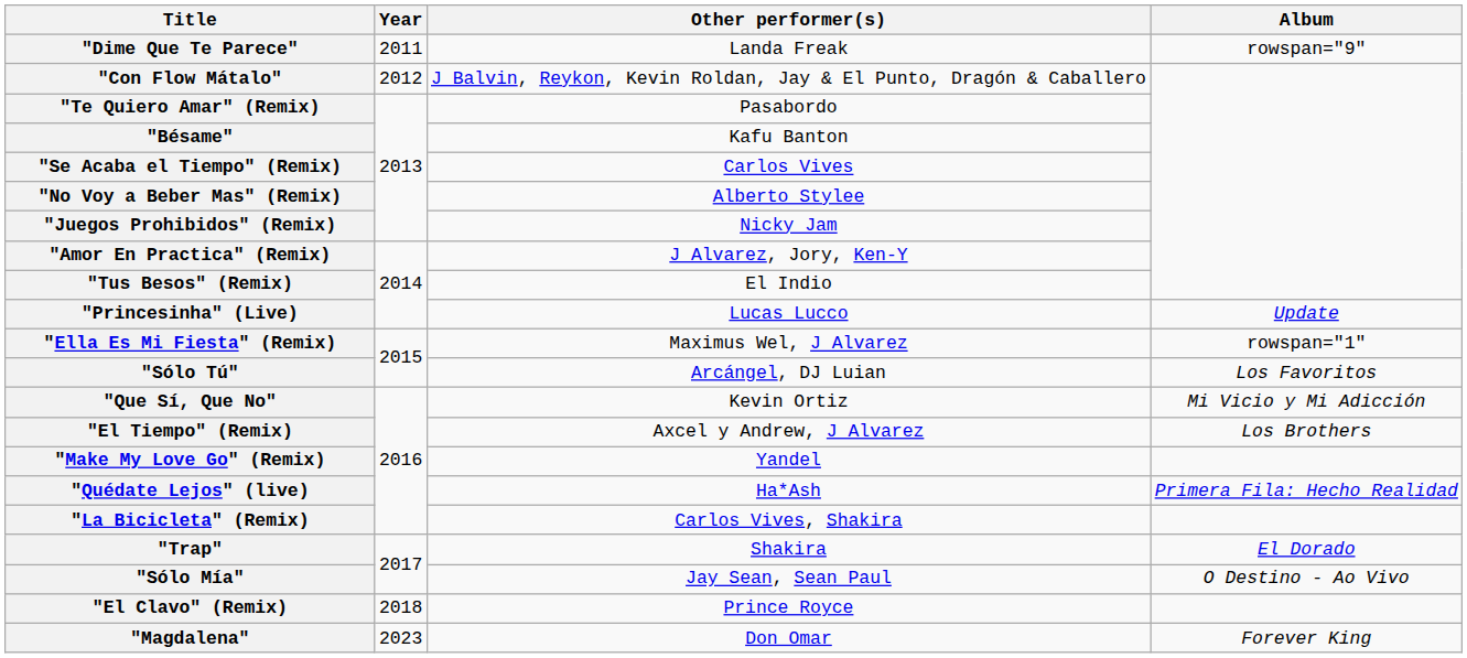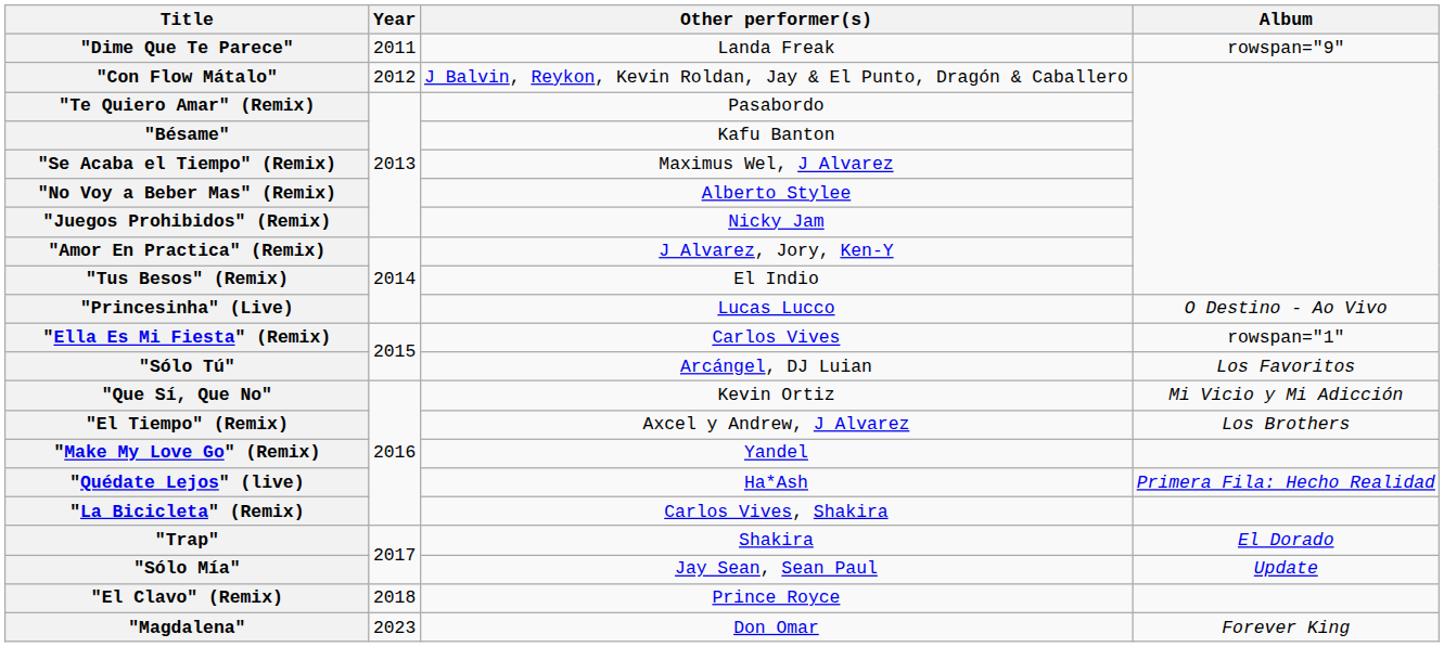 <table class="wikitable plainrowheaders" style="text-align:center;">
 <tr>
 <th scope="col" style="width:20em;">Title</th>
 <th scope="col">Year</th>
 <th scope="col">Other performer(s)</th>
 <th scope="col">Album</th>
 </tr>
 <tr>
 <th scope="row">"Dime Que Te Parece"</th>
 <td rowspan="1">2011</td>
 <td>Landa Freak</td>
 <td>rowspan="9" </td>
 </tr>
 <tr>
 <th scope="row">"Con Flow Mátalo"</th>
 <td rowspan="1">2012</td>
 <td><a href='#'>J Balvin</a>, <a href='#'>Reykon</a>, Kevin Roldan, Jay & El Punto, Dragón & Caballero</td>
 </tr>
 <tr>
 <th scope="row">"Te Quiero Amar" <span>(Remix)</span></th>
 <td rowspan="5">2013</td>
 <td>Pasabordo</td>
 </tr>
 <tr>
 <th scope="row">"Bésame"</th>
 <td>Kafu Banton</td>
 </tr>
 <tr>
 <th scope="row">"Se Acaba el Tiempo" <span>(Remix)</span></th>
-<td><a href='#'>Carlos Vives</a></td>
+<td>Maximus Wel, <a href='#'>J Alvarez</a></td>
 </tr>
 <tr>
 <th scope="row">"No Voy a Beber Mas" <span>(Remix)</span></th>
 <td><a href='#'>Alberto Stylee</a></td>
 </tr>
 <tr>
 <th scope="row">"Juegos Prohibidos" <span>(Remix)</span></th>
 <td><a href='#'>Nicky Jam</a></td>
 </tr>
 <tr>
 <th scope="row">"Amor En Practica" <span>(Remix)</span></th>
 <td rowspan="3">2014</td>
 <td><a href='#'>J Alvarez</a>, Jory, <a href='#'>Ken-Y</a></td>
 </tr>
 <tr>
 <th scope="row">"Tus Besos" <span>(Remix)</span></th>
 <td>El Indio</td>
 </tr>
 <tr>
 <th scope="row">"Princesinha" <span>(Live)</span></th>
 <td><a href='#'>Lucas Lucco</a></td>
-<td><em><a href='#'>Update</a></em></td>
+<td><em>O Destino - Ao Vivo</em></td>
 </tr>
 <tr>
 <th scope="row">"<a href='#'>Ella Es Mi Fiesta</a>" <span>(Remix)</span></th>
 <td rowspan="2">2015</td>
-<td>Maximus Wel, <a href='#'>J Alvarez</a></td>
+<td><a href='#'>Carlos Vives</a></td>
 <td>rowspan="1" </td>
 </tr>
 <tr>
 <th scope="row">"Sólo Tú"</th>
 <td><a href='#'>Arcángel</a>, DJ Luian</td>
 <td><em>Los Favoritos</em></td>
 </tr>
 <tr>
 <th scope="row">"Que Sí, Que No"</th>
 <td rowspan="5">2016</td>
 <td>Kevin Ortiz</td>
 <td><em>Mi Vicio y Mi Adicción</em></td>
 </tr>
 <tr>
 <th scope="row">"El Tiempo" <span>(Remix)</span></th>
 <td>Axcel y Andrew, <a href='#'>J Alvarez</a></td>
 <td><em>Los Brothers</em></td>
 </tr>
 <tr>
 <th scope="row">"<a href='#'>Make My Love Go</a>" <span>(Remix)</span></th>
 <td><a href='#'>Yandel</a></td>
 <td></td>
 </tr>
 <tr>
 <th scope="row">"<a href='#'>Quédate Lejos</a>" <span>(live)</span></th>
 <td><a href='#'>Ha*Ash</a></td>
 <td><em><a href='#'>Primera Fila: Hecho Realidad</a></em></td>
 </tr>
 <tr>
 <th scope="row">"<a href='#'>La Bicicleta</a>" <span>(Remix)</span></th>
 <td><a href='#'>Carlos Vives</a>, <a href='#'>Shakira</a></td>
 <td></td>
 </tr>
 <tr>
 <th scope="row">"Trap"</th>
 <td rowspan="2">2017</td>
 <td><a href='#'>Shakira</a></td>
 <td><em><a href='#'>El Dorado</a></em></td>
 </tr>
 <tr>
 <th scope="row">"Sólo Mía"</th>
 <td><a href='#'>Jay Sean</a>, <a href='#'>Sean Paul</a></td>
-<td><em>O Destino - Ao Vivo</em></td>
+<td><em><a href='#'>Update</a></em></td>
 </tr>
 <tr>
 <th scope="row">"El Clavo" <span>(Remix)</span></th>
 <td>2018</td>
 <td><a href='#'>Prince Royce</a></td>
 <td></td>
 </tr>
 <tr>
 <th scope="row">"Magdalena"</th>
 <td>2023</td>
 <td><a href='#'>Don Omar</a></td>
 <td><em>Forever King</em></td>
 </tr>
 </table>
